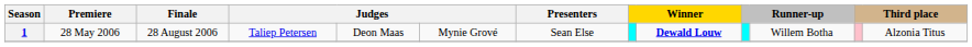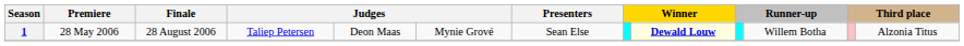 <table class="wikitable" style="text-align:center; font-size:90%; width:99%">
 <tr>
 <th width="2%">Season</th>
 <th width="9%">Premiere</th>
 <th width="9%">Finale</th>
 <th width="28%" colspan="3">Judges</th>
 <th width="11%" colspan="1">Presenters</th>
 <th style="background:gold" width="11%" colspan="2">Winner</th>
 <th style="background:silver" width="11%" colspan="2">Runner-up</th>
 <th style="background:tan" width="11%" colspan="2">Third place</th>
 </tr>
 <tr>
 <th><a href='#'>1</a></th>
 <td>28 May 2006</td>
 <td>28 August 2006</td>
 <td rowspan=1><a href='#'>Taliep Petersen</a></td>
 <td rowspan=1>Deon Maas</td>
 <td rowspan=1>Mynie Grové</td>
 <td rowspan=1>Sean Else</td>
 <td style="background:cyan"></td>
-<td><strong><a href='#'>Dewald Louw</a></strong></td>
+<td style="background: lightyellow;"><strong><a href='#'>Dewald Louw</a></strong></td>
 <td style="background:cyan"></td>
 <td>Willem Botha</td>
 <td style="background:pink"></td>
 <td>Alzonia Titus</td>
 </tr>
 <tr>
 </tr>
 </table>
